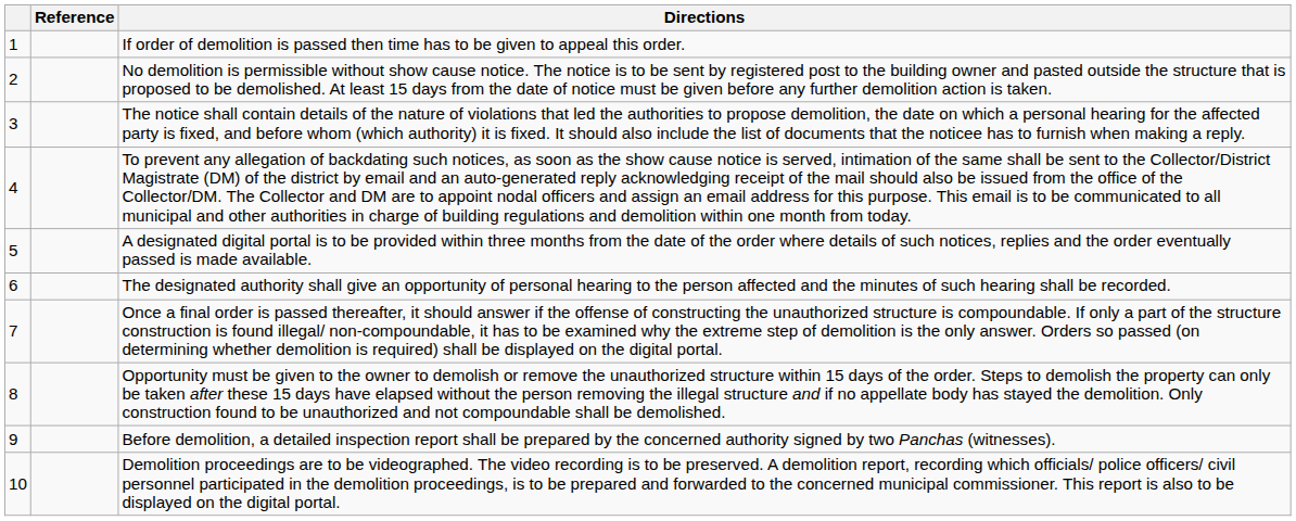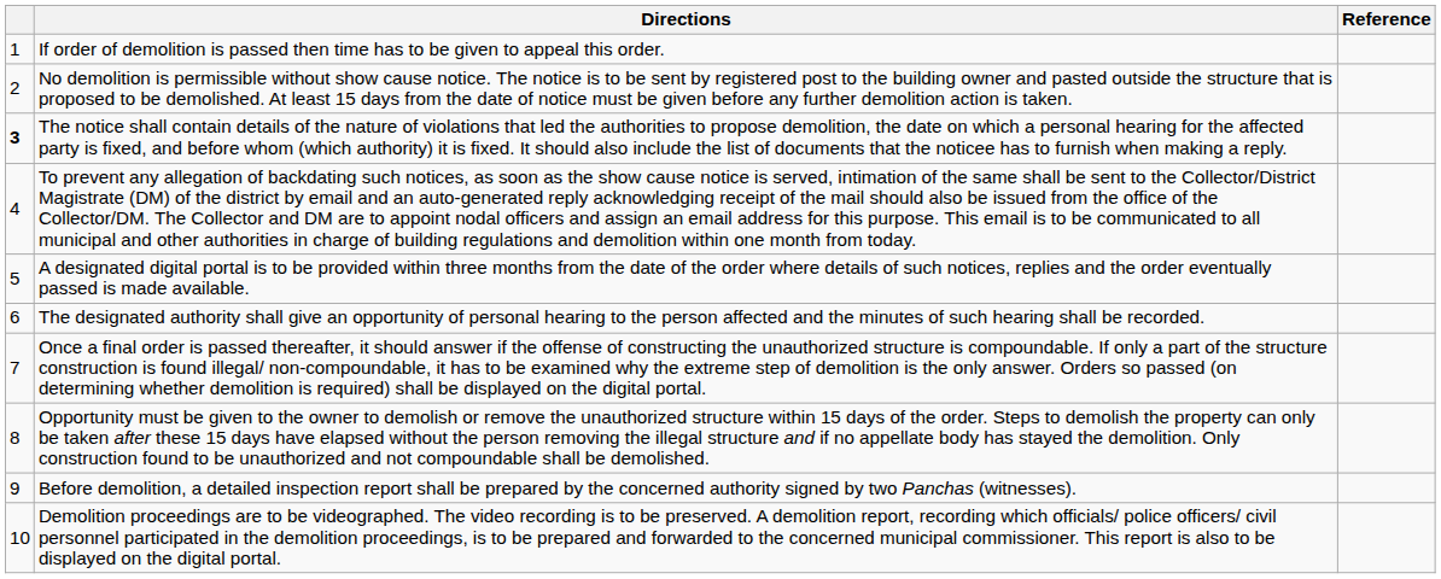 <table class="wikitable">
 <tr>
 <th></th>
+<th>Directions</th>
 <th>Reference</th>
-<th>Directions</th>
 </tr>
 <tr>
 <td>1</td>
+<td>If order of demolition is passed then time has to be given to appeal this order.</td>
 <td> </td>
-<td>If order of demolition is passed then time has to be given to appeal this order.</td>
 </tr>
 <tr>
 <td>2</td>
+<td>No demolition is permissible without show cause notice. The notice is to be sent by registered post to the building owner and pasted outside the structure that is proposed to be demolished. At least 15 days from the date of notice must be given before any further demolition action is taken.</td>
 <td> </td>
-<td>No demolition is permissible without show cause notice. The notice is to be sent by registered post to the building owner and pasted outside the structure that is proposed to be demolished. At least 15 days from the date of notice must be given before any further demolition action is taken.</td>
 </tr>
 <tr>
-<td>3</td>
+<td><strong>3</strong></td>
+<td>The notice shall contain details of the nature of violations that led the authorities to propose demolition, the date on which a personal hearing for the affected party is fixed, and before whom (which authority) it is fixed. It should also include the list of documents that the noticee has to furnish when making a reply.</td>
 <td> </td>
-<td>The notice shall contain details of the nature of violations that led the authorities to propose demolition, the date on which a personal hearing for the affected party is fixed, and before whom (which authority) it is fixed. It should also include the list of documents that the noticee has to furnish when making a reply.</td>
 </tr>
 <tr>
 <td>4</td>
+<td>To prevent any allegation of backdating such notices, as soon as the show cause notice is served, intimation of the same shall be sent to the Collector/District Magistrate (DM) of the district by email and an auto-generated reply acknowledging receipt of the mail should also be issued from the office of the Collector/DM. The Collector and DM are to appoint nodal officers and assign an email address for this purpose. This email is to be communicated to all municipal and other authorities in charge of building regulations and demolition within one month from today.</td>
 <td> </td>
-<td>To prevent any allegation of backdating such notices, as soon as the show cause notice is served, intimation of the same shall be sent to the Collector/District Magistrate (DM) of the district by email and an auto-generated reply acknowledging receipt of the mail should also be issued from the office of the Collector/DM. The Collector and DM are to appoint nodal officers and assign an email address for this purpose. This email is to be communicated to all municipal and other authorities in charge of building regulations and demolition within one month from today.</td>
 </tr>
 <tr>
 <td>5</td>
+<td>A designated digital portal is to be provided within three months from the date of the order where details of such notices, replies and the order eventually passed is made available.</td>
 <td> </td>
-<td>A designated digital portal is to be provided within three months from the date of the order where details of such notices, replies and the order eventually passed is made available.</td>
 </tr>
 <tr>
 <td>6</td>
+<td>The designated authority shall give an opportunity of personal hearing to the person affected and the minutes of such hearing shall be recorded.</td>
 <td> </td>
-<td>The designated authority shall give an opportunity of personal hearing to the person affected and the minutes of such hearing shall be recorded.</td>
 </tr>
 <tr>
 <td>7</td>
+<td>Once a final order is passed thereafter, it should answer if the offense of constructing the unauthorized structure is compoundable. If only a part of the structure construction is found illegal/ non-compoundable, it has to be examined why the extreme step of demolition is the only answer. Orders so passed (on determining whether demolition is required) shall be displayed on the digital portal.</td>
 <td> </td>
-<td>Once a final order is passed thereafter, it should answer if the offense of constructing the unauthorized structure is compoundable. If only a part of the structure construction is found illegal/ non-compoundable, it has to be examined why the extreme step of demolition is the only answer. Orders so passed (on determining whether demolition is required) shall be displayed on the digital portal.</td>
 </tr>
 <tr>
 <td>8</td>
+<td>Opportunity must be given to the owner to demolish or remove the unauthorized structure within 15 days of the order. Steps to demolish the property can only be taken <em>after</em> these 15 days have elapsed without the person removing the illegal structure <em>and</em> if no appellate body has stayed the demolition. Only construction found to be unauthorized and not compoundable shall be demolished.</td>
 <td> </td>
-<td>Opportunity must be given to the owner to demolish or remove the unauthorized structure within 15 days of the order. Steps to demolish the property can only be taken <em>after</em> these 15 days have elapsed without the person removing the illegal structure <em>and</em> if no appellate body has stayed the demolition. Only construction found to be unauthorized and not compoundable shall be demolished.</td>
 </tr>
 <tr>
 <td>9</td>
+<td>Before demolition, a detailed inspection report shall be prepared by the concerned authority signed by two <em>Panchas</em> (witnesses).</td>
 <td> </td>
-<td>Before demolition, a detailed inspection report shall be prepared by the concerned authority signed by two <em>Panchas</em> (witnesses).</td>
 </tr>
 <tr>
 <td>10</td>
+<td>Demolition proceedings are to be videographed. The video recording is to be preserved. A demolition report, recording which officials/ police officers/ civil personnel participated in the demolition proceedings, is to be prepared and forwarded to the concerned municipal commissioner. This report is also to be displayed on the digital portal.</td>
 <td> </td>
-<td>Demolition proceedings are to be videographed. The video recording is to be preserved. A demolition report, recording which officials/ police officers/ civil personnel participated in the demolition proceedings, is to be prepared and forwarded to the concerned municipal commissioner. This report is also to be displayed on the digital portal.</td>
 </tr>
 </table>
